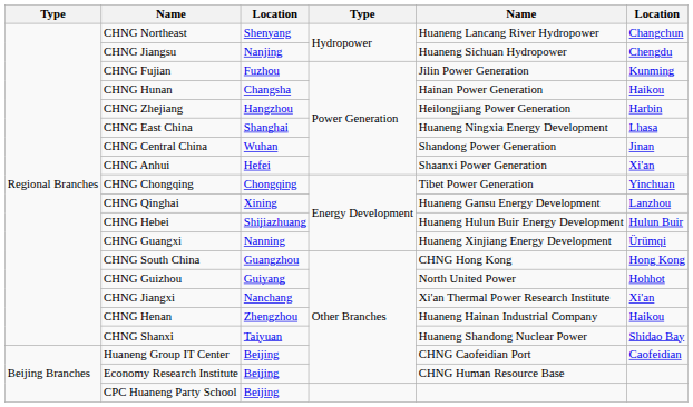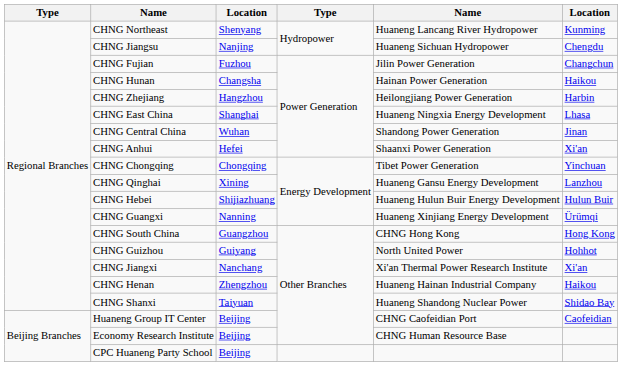 <table class="wikitable">
 <tr>
 <th>Type</th>
 <th>Name</th>
 <th>Location</th>
 <th>Type</th>
 <th>Name</th>
 <th>Location</th>
 </tr>
 <tr>
 <td rowspan="17">Regional Branches</td>
 <td>CHNG Northeast</td>
 <td><a href='#'>Shenyang</a></td>
 <td rowspan="2">Hydropower</td>
 <td>Huaneng Lancang River Hydropower</td>
-<td><a href='#'>Changchun</a></td>
+<td><a href='#'>Kunming</a></td>
 </tr>
 <tr>
 <td>CHNG Jiangsu</td>
 <td><a href='#'>Nanjing</a></td>
 <td>Huaneng Sichuan Hydropower</td>
 <td><a href='#'>Chengdu</a></td>
 </tr>
 <tr>
 <td>CHNG Fujian</td>
 <td><a href='#'>Fuzhou</a></td>
 <td rowspan="6">Power Generation</td>
 <td>Jilin Power Generation</td>
-<td><a href='#'>Kunming</a></td>
+<td><a href='#'>Changchun</a></td>
 </tr>
 <tr>
 <td>CHNG Hunan</td>
 <td><a href='#'>Changsha</a></td>
 <td>Hainan Power Generation</td>
 <td><a href='#'>Haikou</a></td>
 </tr>
 <tr>
 <td>CHNG Zhejiang</td>
 <td><a href='#'>Hangzhou</a></td>
 <td>Heilongjiang Power Generation</td>
 <td><a href='#'>Harbin</a></td>
 </tr>
 <tr>
 <td>CHNG East China</td>
 <td><a href='#'>Shanghai</a></td>
 <td>Huaneng Ningxia Energy Development</td>
 <td><a href='#'>Lhasa</a></td>
 </tr>
 <tr>
 <td>CHNG Central China</td>
 <td><a href='#'>Wuhan</a></td>
 <td>Shandong Power Generation</td>
 <td><a href='#'>Jinan</a></td>
 </tr>
 <tr>
 <td>CHNG Anhui</td>
 <td><a href='#'>Hefei</a></td>
 <td>Shaanxi Power Generation</td>
 <td><a href='#'>Xi'an</a></td>
 </tr>
 <tr>
 <td>CHNG Chongqing</td>
 <td><a href='#'>Chongqing</a></td>
 <td rowspan="4">Energy Development</td>
 <td>Tibet Power Generation</td>
 <td><a href='#'>Yinchuan</a></td>
 </tr>
 <tr>
 <td>CHNG Qinghai</td>
 <td><a href='#'>Xining</a></td>
 <td>Huaneng Gansu Energy Development</td>
 <td><a href='#'>Lanzhou</a></td>
 </tr>
 <tr>
 <td>CHNG Hebei</td>
 <td><a href='#'>Shijiazhuang</a></td>
 <td>Huaneng Hulun Buir Energy Development</td>
 <td><a href='#'>Hulun Buir</a></td>
 </tr>
 <tr>
 <td>CHNG Guangxi</td>
 <td><a href='#'>Nanning</a></td>
 <td>Huaneng Xinjiang Energy Development</td>
 <td><a href='#'>Ürümqi</a></td>
 </tr>
 <tr>
 <td>CHNG South China</td>
 <td><a href='#'>Guangzhou</a></td>
 <td rowspan="7">Other Branches</td>
 <td>CHNG Hong Kong</td>
 <td><a href='#'>Hong Kong</a></td>
 </tr>
 <tr>
 <td>CHNG Guizhou</td>
 <td><a href='#'>Guiyang</a></td>
 <td>North United Power</td>
 <td><a href='#'>Hohhot</a></td>
 </tr>
 <tr>
 <td>CHNG Jiangxi</td>
 <td><a href='#'>Nanchang</a></td>
 <td>Xi'an Thermal Power Research Institute</td>
 <td><a href='#'>Xi'an</a></td>
 </tr>
 <tr>
 <td>CHNG Henan</td>
 <td><a href='#'>Zhengzhou</a></td>
 <td>Huaneng Hainan Industrial Company</td>
 <td><a href='#'>Haikou</a></td>
 </tr>
 <tr>
 <td>CHNG Shanxi</td>
 <td><a href='#'>Taiyuan</a></td>
 <td>Huaneng Shandong Nuclear Power</td>
 <td><a href='#'>Shidao Bay</a></td>
 </tr>
 <tr>
 <td rowspan="3">Beijing Branches</td>
 <td>Huaneng Group IT Center</td>
 <td><a href='#'>Beijing</a></td>
 <td>CHNG Caofeidian Port</td>
 <td><a href='#'>Caofeidian</a></td>
 </tr>
 <tr>
 <td>Economy Research Institute</td>
 <td><a href='#'>Beijing</a></td>
 <td>CHNG Human Resource Base</td>
 <td></td>
 </tr>
 <tr>
 <td>CPC Huaneng Party School</td>
 <td><a href='#'>Beijing</a></td>
 <td></td>
 <td></td>
 <td></td>
 </tr>
 </table>
